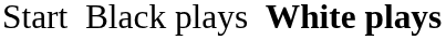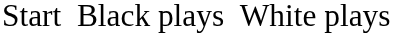 <table border="0" cellspacing="0" cellpadding="0">
 <tr valign="top">
 <td><br></td>
 <td>  </td>
 <td><br></td>
 <td>  </td>
 <td><br></td>
 </tr>
 <tr valign="top">
 <td>Start</td>
 <td>  </td>
 <td>Black plays</td>
 <td>  </td>
-<td><strong>White plays</strong></td>
+<td>White plays</td>
 </tr>
 </table>
